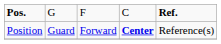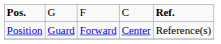 <table class="wikitable">
 <tr>
 <td><strong>Pos.</strong></td>
 <td>G</td>
 <td>F</td>
 <td>C</td>
 <td><strong>Ref.</strong></td>
 </tr>
 <tr>
 <td><a href='#'>Position</a></td>
 <td><a href='#'>Guard</a></td>
 <td><a href='#'>Forward</a></td>
-<td><strong><a href='#'>Center</a></strong></td>
+<td><a href='#'>Center</a></td>
 <td>Reference(s)</td>
 </tr>
 <tr>
 </tr>
 </table>
